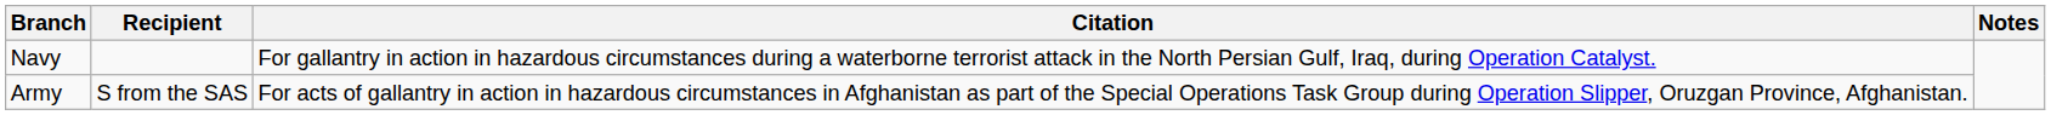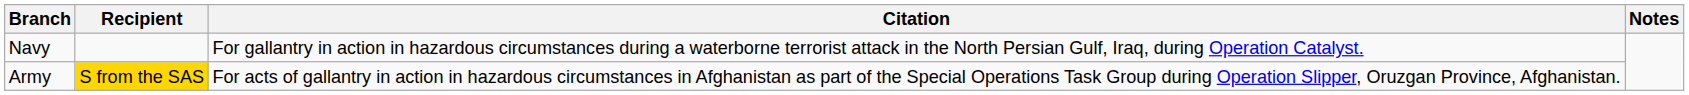 <table class="wikitable" style="font-size:95%;">
 <tr>
 <th>Branch</th>
 <th>Recipient</th>
 <th>Citation</th>
 <th>Notes</th>
 </tr>
 <tr>
 <td>Navy</td>
 <td></td>
 <td>For gallantry in action in hazardous circumstances during a waterborne terrorist attack in the North Persian Gulf, Iraq, during <a href='#'>Operation Catalyst.</a></td>
 <td rowspan=2></td>
 </tr>
 <tr>
 <td>Army</td>
-<td> S from the SAS</td>
+<td style="background: gold;"> S from the SAS</td>
 <td>For acts of gallantry in action in hazardous circumstances in Afghanistan as part of the Special Operations Task Group during <a href='#'>Operation Slipper</a>, Oruzgan Province, Afghanistan.</td>
 </tr>
 </table>
